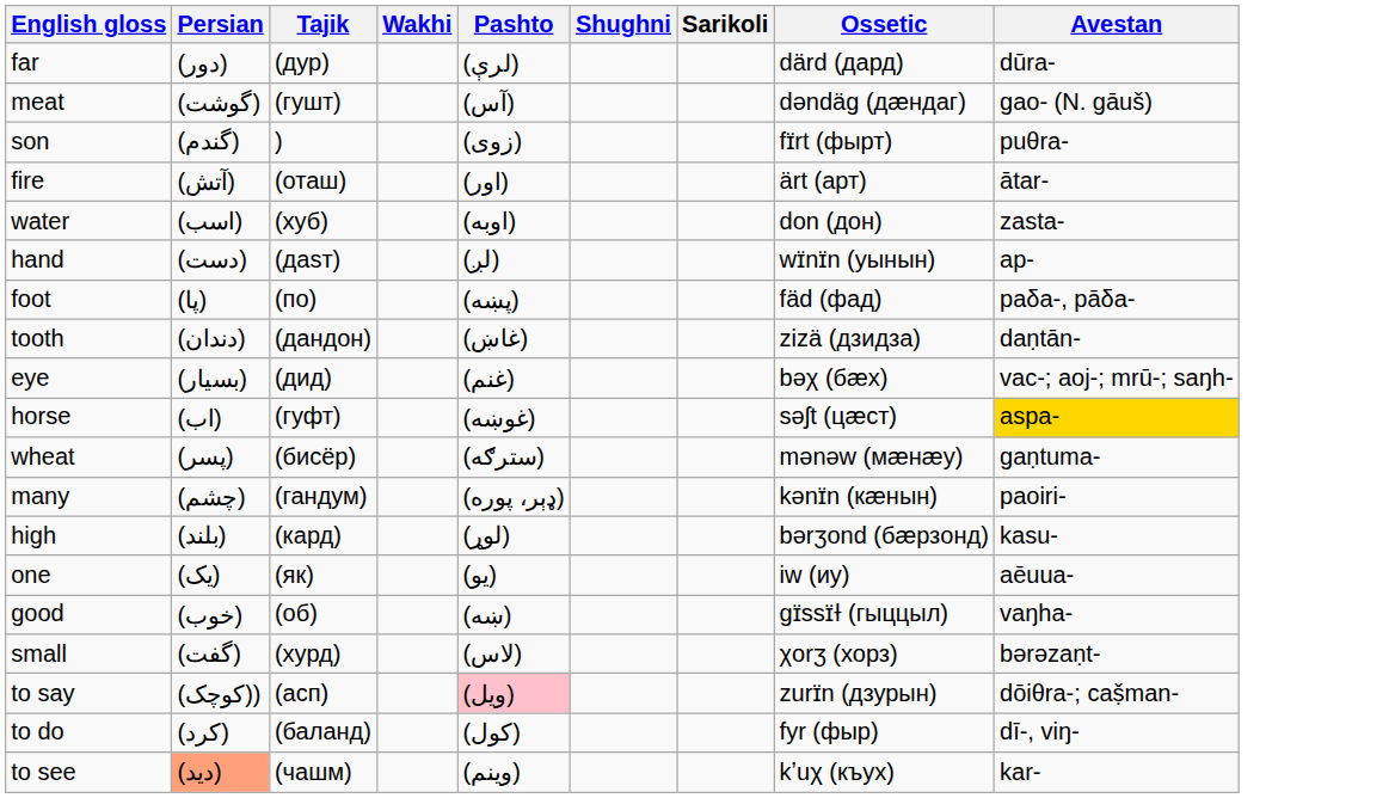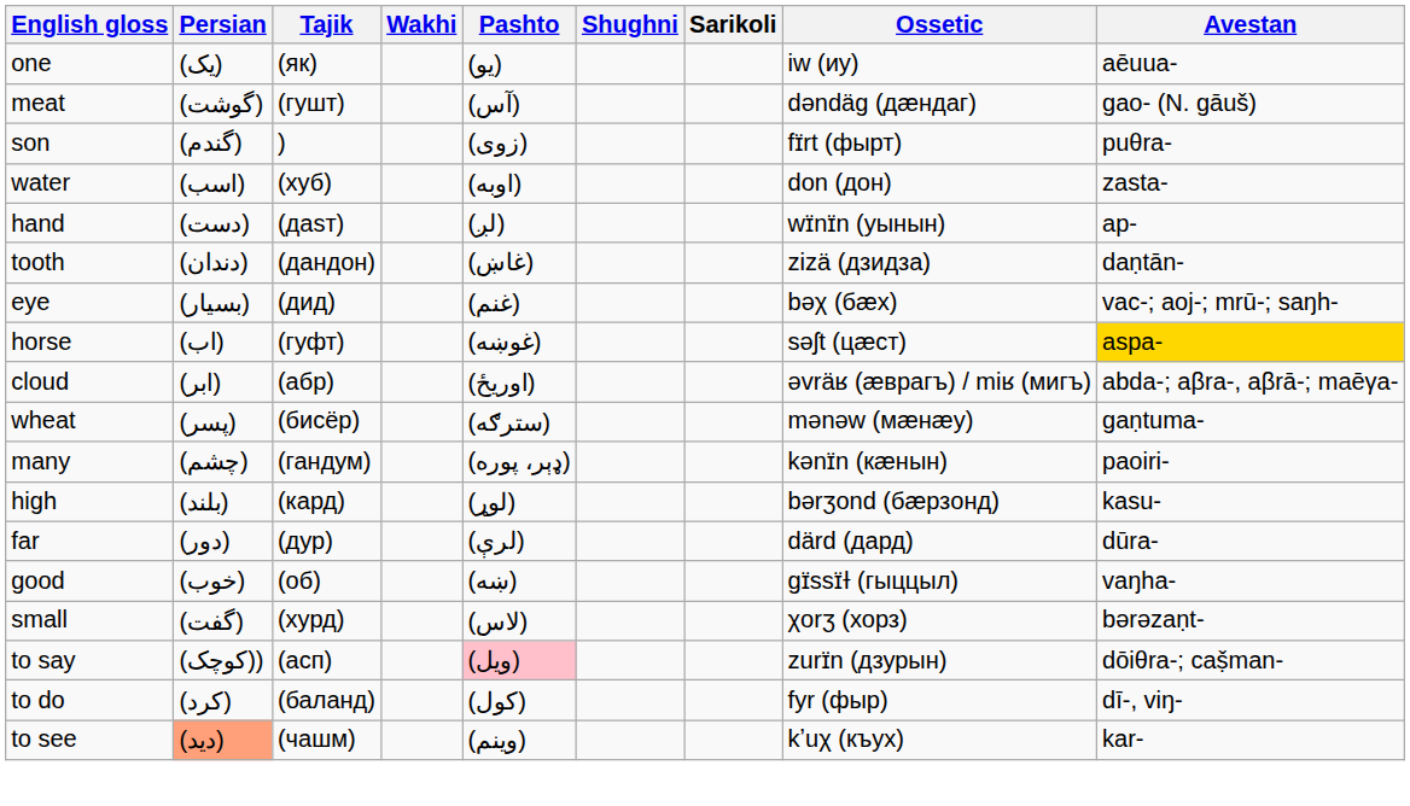 <table class="wikitable">
 <tr>
 <th><a href='#'>English gloss</a></th>
 <th><a href='#'>Persian</a></th>
 <th><a href='#'>Tajik</a></th>
 <th><a href='#'>Wakhi</a></th>
 <th><a href='#'>Pashto</a></th>
 <th><a href='#'>Shughni</a></th>
 <th>Sarikoli</th>
 <th><a href='#'>Ossetic</a></th>
 <th><a href='#'>Avestan</a></th>
 </tr>
 <tr>
-<td>far</td>
-<td> (دور)</td>
-<td> (дур)</td>
+<td>one</td>
+<td> (یک)</td>
+<td> (‍як)</td>
 <td></td>
-<td> (لرې)</td>
+<td> (يو)</td>
 <td></td>
 <td></td>
-<td>därd (дард)</td>
-<td>dūra-</td>
+<td>iw (иу)</td>
+<td>aēuua-</td>
 </tr>
 <tr>
 <td>meat</td>
 <td> (گوشت)</td>
 <td> (гушт)</td>
 <td></td>
 <td> (آس)</td>
 <td></td>
 <td></td>
 <td>dəndäg (дӕндаг)</td>
 <td>gao- (N. gāuš)</td>
 </tr>
 <tr>
 <td>son</td>
 <td> (گندم)</td>
 <td>)</td>
 <td></td>
 <td> (زوی)</td>
 <td></td>
 <td></td>
 <td>fɪ̈rt (фырт)</td>
 <td>puθra-</td>
 </tr>
 <tr>
-<td>fire</td>
-<td> (آتش)</td>
-<td> (оташ)</td>
-<td></td>
-<td> (اور)</td>
-<td></td>
-<td></td>
-<td>ärt (арт)</td>
-<td>ātar-</td>
-</tr>
-<tr>
 <td>water</td>
 <td> (اسب)</td>
 <td> (хуб)</td>
 <td></td>
 <td> (اوبه)</td>
 <td></td>
 <td></td>
 <td>don (дон)</td>
 <td>zasta-</td>
 </tr>
 <tr>
 <td>hand</td>
 <td> (دست)</td>
 <td> (даѕт)</td>
 <td></td>
 <td> (لږ)</td>
 <td></td>
 <td></td>
 <td>wɪ̈nɪ̈n (уынын)</td>
 <td>ap-</td>
-</tr>
-<tr>
-<td>foot</td>
-<td> (پا)</td>
-<td> (по)</td>
-<td></td>
-<td> (پښه)</td>
-<td></td>
-<td></td>
-<td>fäd (фад)</td>
-<td>paδa-, pāδa-</td>
 </tr>
 <tr>
 <td>tooth</td>
 <td> (دندان)</td>
 <td> (дандон)</td>
 <td></td>
 <td> (غاښ)</td>
 <td></td>
 <td></td>
 <td>zizä (дзидза)</td>
 <td>daṇtān-</td>
 </tr>
 <tr>
 <td>eye</td>
 <td> (بسيار)</td>
 <td> (дид)</td>
 <td></td>
 <td> (غنم)</td>
 <td></td>
 <td></td>
 <td>bəχ (бӕх)</td>
 <td>vac-; aoj-; mrū-; saŋh-</td>
 </tr>
 <tr>
 <td>horse</td>
 <td> (اب)</td>
 <td> (гуфт)</td>
 <td></td>
 <td> (غوښه)</td>
 <td></td>
 <td></td>
 <td>səʃt (цæст)</td>
 <td style="background: gold;">aspa-</td>
 </tr>
 <tr>
+<td>cloud</td>
+<td> (ابر)</td>
+<td> (абр)</td>
+<td></td>
+<td> (اوريځ)</td>
+<td></td>
+<td></td>
+<td>əvräʁ (æврагъ) / miʁ (мигъ)</td>
+<td>abda-; aβra-, aβrā-; maēγa-</td>
+</tr>
+<tr>
 <td>wheat</td>
 <td> (پسر)</td>
 <td> (бисёр)</td>
 <td></td>
 <td> (سترګه)</td>
 <td></td>
 <td></td>
 <td>mənəw (мæнæу)</td>
 <td>gaṇtuma-</td>
 </tr>
 <tr>
 <td>many</td>
 <td> (چشم)</td>
 <td> (гандум)</td>
 <td></td>
 <td> (ډېر، پوره)</td>
 <td></td>
 <td></td>
 <td>kənɪ̈n (кæнын)</td>
 <td>paoiri-</td>
 </tr>
 <tr>
 <td>high</td>
 <td> (بلند)</td>
 <td> (кард)</td>
 <td></td>
 <td> (لوړ)</td>
 <td></td>
 <td></td>
 <td>bərʒond (бӕрзoнд)</td>
 <td>kasu-</td>
 </tr>
 <tr>
-<td>one</td>
-<td> (یک)</td>
-<td> (‍як)</td>
+<td>far</td>
+<td> (دور)</td>
+<td> (дур)</td>
 <td></td>
-<td> (يو)</td>
+<td> (لرې)</td>
 <td></td>
 <td></td>
-<td>iw (иу)</td>
-<td>aēuua-</td>
+<td>därd (дард)</td>
+<td>dūra-</td>
 </tr>
 <tr>
 <td>good</td>
 <td> (خوب)</td>
 <td> (об)</td>
 <td></td>
 <td> (ښه)</td>
 <td></td>
 <td></td>
 <td>gɪ̈ssɪ̈ɫ (гыццыл)</td>
 <td>vaŋha-</td>
 </tr>
 <tr>
 <td>small</td>
 <td> (گفت)</td>
 <td> (хурд)</td>
 <td></td>
 <td> (لاس)</td>
 <td></td>
 <td></td>
 <td>χorʒ (хорз)</td>
 <td>bərəzaṇt-</td>
 </tr>
 <tr>
 <td>to say</td>
 <td> (کوچک))</td>
 <td> (асп)</td>
 <td></td>
 <td style="background: pink;"> (ويل)</td>
 <td></td>
 <td></td>
 <td>zurɪ̈n (дзурын)</td>
 <td>dōiθra-; caṣ̌man-</td>
 </tr>
 <tr>
 <td>to do</td>
 <td> (کرد)</td>
 <td> (баланд)</td>
 <td></td>
 <td> (کول)</td>
 <td></td>
 <td></td>
 <td>fyr (фыр)</td>
 <td>dī-, viŋ-</td>
 </tr>
 <tr>
 <td>to see</td>
 <td style="background: lightsalmon;"> (ديد)</td>
 <td> (чашм)</td>
 <td></td>
 <td> (وينم)</td>
 <td></td>
 <td></td>
 <td>kʼuχ (къух)</td>
 <td>kar-</td>
 </tr>
 </table>
